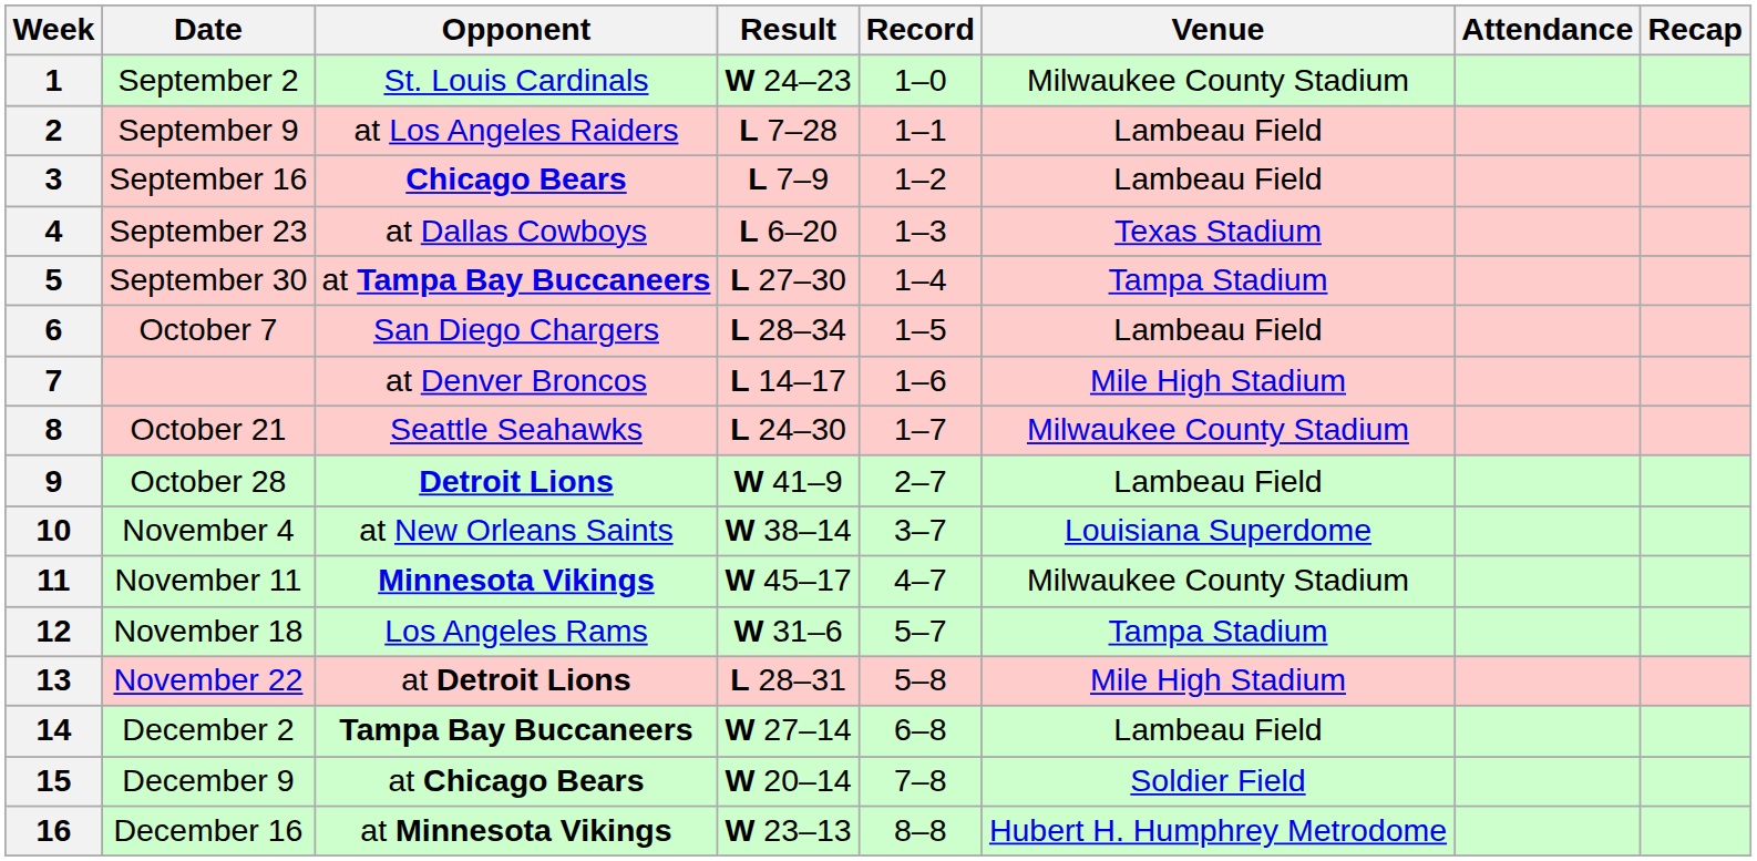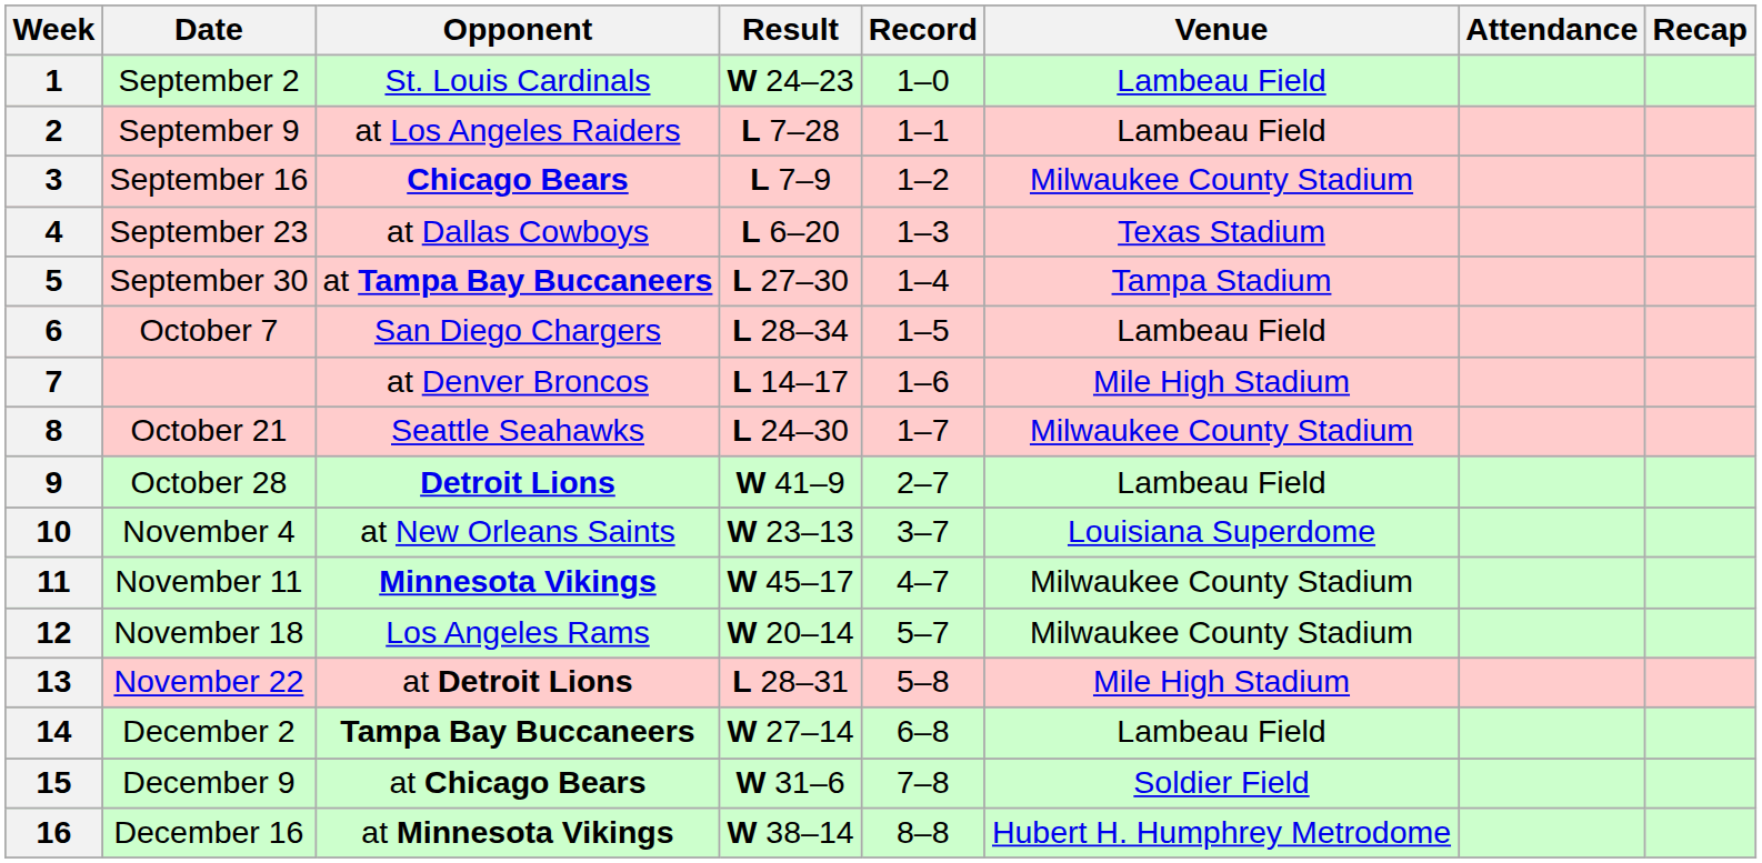 <table class="wikitable" style="text-align:center">
 <tr>
 <th>Week</th>
 <th>Date</th>
 <th>Opponent</th>
 <th>Result</th>
 <th>Record</th>
 <th>Venue</th>
 <th>Attendance</th>
 <th>Recap</th>
 </tr>
 <tr align="center" bgcolor="ccffcc">
 <th>1</th>
 <td>September 2</td>
 <td><a href='#'>St. Louis Cardinals</a></td>
 <td><strong>W</strong> 24–23</td>
 <td>1–0</td>
-<td>Milwaukee County Stadium</td>
+<td><a href='#'>Lambeau Field</a></td>
 <td></td>
 <td></td>
 </tr>
 <tr align="center" bgcolor="ffcccc">
 <th>2</th>
 <td>September 9</td>
 <td>at <a href='#'>Los Angeles Raiders</a></td>
 <td><strong>L</strong> 7–28</td>
 <td>1–1</td>
 <td>Lambeau Field</td>
 <td></td>
 <td></td>
 </tr>
 <tr align="center" bgcolor="ffcccc">
 <th>3</th>
 <td>September 16</td>
 <td><strong><a href='#'>Chicago Bears</a></strong></td>
 <td><strong>L</strong> 7–9</td>
 <td>1–2</td>
-<td>Lambeau Field</td>
+<td><a href='#'>Milwaukee County Stadium</a></td>
 <td></td>
 <td></td>
 </tr>
 <tr align="center" bgcolor="ffcccc">
 <th>4</th>
 <td>September 23</td>
 <td>at <a href='#'>Dallas Cowboys</a></td>
 <td><strong>L</strong> 6–20</td>
 <td>1–3</td>
 <td><a href='#'>Texas Stadium</a></td>
 <td></td>
 <td></td>
 </tr>
 <tr align="center" bgcolor="ffcccc">
 <th>5</th>
 <td>September 30</td>
 <td>at <strong><a href='#'>Tampa Bay Buccaneers</a></strong></td>
 <td><strong>L</strong> 27–30 </td>
 <td>1–4</td>
 <td><a href='#'>Tampa Stadium</a></td>
 <td></td>
 <td></td>
 </tr>
 <tr align="center" bgcolor="ffcccc">
 <th>6</th>
 <td>October 7</td>
 <td><a href='#'>San Diego Chargers</a></td>
 <td><strong>L</strong> 28–34</td>
 <td>1–5</td>
 <td>Lambeau Field</td>
 <td></td>
 <td></td>
 </tr>
 <tr align="center" bgcolor="ffcccc">
 <th>7</th>
 <td></td>
 <td>at <a href='#'>Denver Broncos</a></td>
 <td><strong>L</strong> 14–17</td>
 <td>1–6</td>
 <td><a href='#'>Mile High Stadium</a></td>
 <td></td>
 <td></td>
 </tr>
 <tr align="center" bgcolor="ffcccc">
 <th>8</th>
 <td>October 21</td>
 <td><a href='#'>Seattle Seahawks</a></td>
 <td><strong>L</strong> 24–30</td>
 <td>1–7</td>
 <td><a href='#'>Milwaukee County Stadium</a></td>
 <td></td>
 <td></td>
 </tr>
 <tr align="center" bgcolor="ccffcc">
 <th>9</th>
 <td>October 28</td>
 <td><strong><a href='#'>Detroit Lions</a></strong></td>
 <td><strong>W</strong> 41–9</td>
 <td>2–7</td>
 <td>Lambeau Field</td>
 <td></td>
 <td></td>
 </tr>
 <tr align="center" bgcolor="ccffcc">
 <th>10</th>
 <td>November 4</td>
 <td>at <a href='#'>New Orleans Saints</a></td>
-<td><strong>W</strong> 38–14</td>
+<td><strong>W</strong> 23–13</td>
 <td>3–7</td>
 <td><a href='#'>Louisiana Superdome</a></td>
 <td></td>
 <td></td>
 </tr>
 <tr align="center" bgcolor="ccffcc">
 <th>11</th>
 <td>November 11</td>
 <td><strong><a href='#'>Minnesota Vikings</a></strong></td>
 <td><strong>W</strong> 45–17</td>
 <td>4–7</td>
 <td>Milwaukee County Stadium</td>
 <td></td>
 <td></td>
 </tr>
 <tr align="center" bgcolor="ccffcc">
 <th>12</th>
 <td>November 18</td>
 <td><a href='#'>Los Angeles Rams</a></td>
-<td><strong>W</strong> 31–6</td>
+<td><strong>W</strong> 20–14</td>
 <td>5–7</td>
-<td><a href='#'>Tampa Stadium</a></td>
+<td>Milwaukee County Stadium</td>
 <td></td>
 <td></td>
 </tr>
 <tr align="center" bgcolor="ffcccc">
 <th>13</th>
 <td><a href='#'>November 22</a></td>
 <td>at <strong>Detroit Lions</strong></td>
 <td><strong>L</strong> 28–31</td>
 <td>5–8</td>
 <td><a href='#'>Mile High Stadium</a></td>
 <td></td>
 <td></td>
 </tr>
 <tr align="center" bgcolor="ccffcc">
 <th>14</th>
 <td>December 2</td>
 <td><strong>Tampa Bay Buccaneers</strong></td>
 <td><strong>W</strong> 27–14</td>
 <td>6–8</td>
 <td>Lambeau Field</td>
 <td></td>
 <td></td>
 </tr>
 <tr align="center" bgcolor="ccffcc">
 <th>15</th>
 <td>December 9</td>
 <td>at <strong>Chicago Bears</strong></td>
-<td><strong>W</strong> 20–14</td>
+<td><strong>W</strong> 31–6</td>
 <td>7–8</td>
 <td><a href='#'>Soldier Field</a></td>
 <td></td>
 <td></td>
 </tr>
 <tr align="center" bgcolor="ccffcc">
 <th>16</th>
 <td>December 16</td>
 <td>at <strong>Minnesota Vikings</strong></td>
-<td><strong>W</strong> 23–13</td>
+<td><strong>W</strong> 38–14</td>
 <td>8–8</td>
 <td><a href='#'>Hubert H. Humphrey Metrodome</a></td>
 <td></td>
 <td></td>
 </tr>
 </table>
